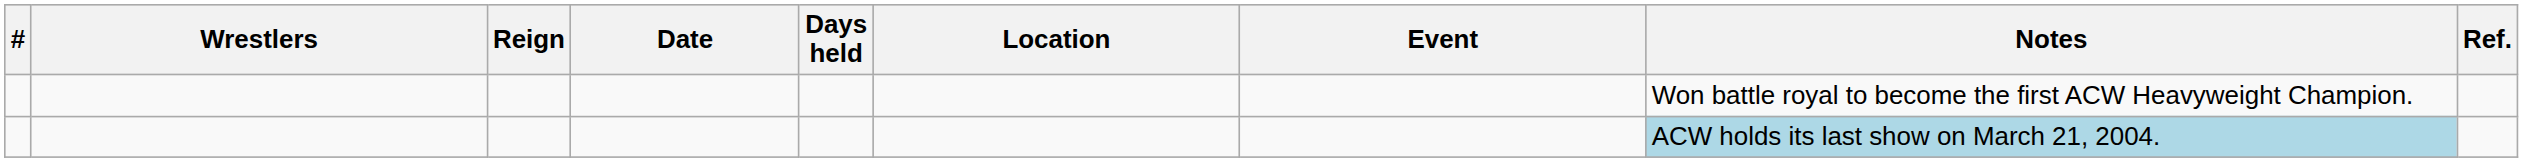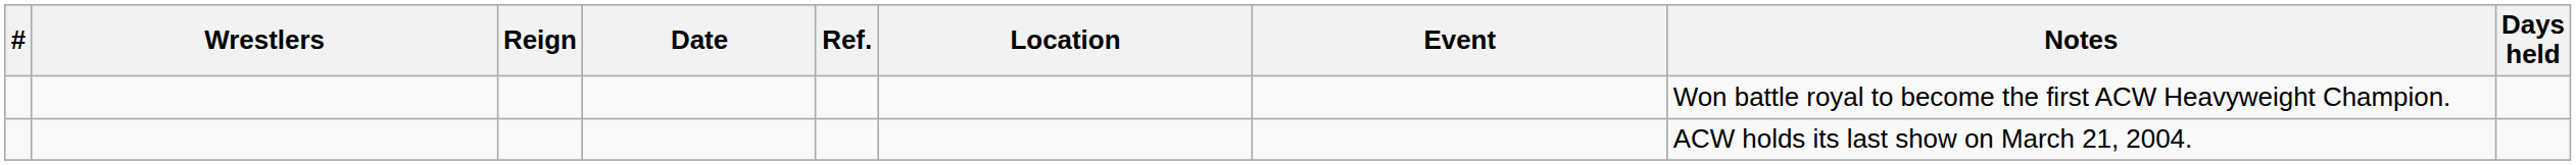 <table class="wikitable sortable" width=98% style="text-align:center;">
 <tr>
 <th width=0%>#</th>
 <th width=20%>Wrestlers</th>
 <th width=0%>Reign</th>
 <th width=10%>Date</th>
-<th width=0%>Days<br>held</th>
+<th width=0% class="unsortable">Ref.</th>
 <th width=16%>Location</th>
 <th width=18%>Event</th>
 <th width=60% class="unsortable">Notes</th>
-<th width=0% class="unsortable">Ref.</th>
+<th width=0%>Days<br>held</th>
 </tr>
 <tr>
 <td></td>
 <td></td>
 <td></td>
 <td></td>
-<td></td>
+<td align="left"></td>
 <td></td>
 <td></td>
 <td align="left">Won battle royal to become the first ACW Heavyweight Champion.</td>
-<td align="left"></td>
+<td></td>
 </tr>
 <tr>
 <td></td>
 <td></td>
 <td></td>
 <td></td>
+<td align="left"></td>
 <td></td>
 <td></td>
+<td align="left">ACW holds its last show on March 21, 2004.</td>
 <td></td>
-<td align="left" style="background: lightblue;">ACW holds its last show on March 21, 2004.</td>
-<td align="left"></td>
 </tr>
 </table>
